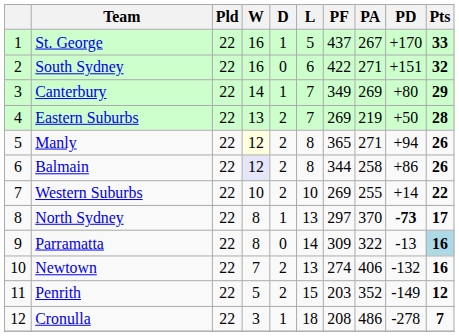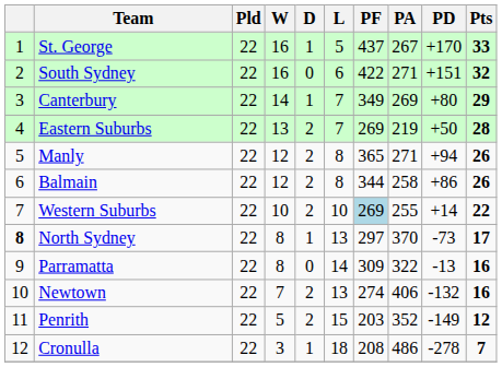 <table class="wikitable" style="text-align:center;">
 <tr>
 <th width=20 abbr="Position×"></th>
 <th width=175>Team</th>
 <th width=20 abbr="Played">Pld</th>
 <th width=20 abbr="Won">W</th>
 <th width=20 abbr="Drawn">D</th>
 <th width=20 abbr="Lost">L</th>
 <th width=20 abbr="Points for">PF</th>
 <th width=20 abbr="Points against">PA</th>
 <th width=20 abbr="Points difference">PD</th>
 <th width=20 abbr="Points">Pts</th>
 </tr>
 <tr style="background: #ccffcc;">
 <td>1</td>
 <td style="text-align:left;"> <a href='#'>St. George</a></td>
 <td>22</td>
 <td>16</td>
 <td>1</td>
 <td>5</td>
 <td>437</td>
 <td>267</td>
 <td>+170</td>
 <td><strong>33</strong></td>
 </tr>
 <tr style="background: #ccffcc;">
 <td>2</td>
 <td style="text-align:left;"> <a href='#'>South Sydney</a></td>
 <td>22</td>
 <td>16</td>
 <td>0</td>
 <td>6</td>
 <td>422</td>
 <td>271</td>
 <td>+151</td>
 <td><strong>32</strong></td>
 </tr>
 <tr style="background: #ccffcc;">
 <td>3</td>
 <td style="text-align:left;"> <a href='#'>Canterbury</a></td>
 <td>22</td>
 <td>14</td>
 <td>1</td>
 <td>7</td>
 <td>349</td>
 <td>269</td>
 <td>+80</td>
 <td><strong>29</strong></td>
 </tr>
 <tr style="background: #ccffcc;">
 <td>4</td>
 <td style="text-align:left;"> <a href='#'>Eastern Suburbs</a></td>
 <td>22</td>
 <td>13</td>
 <td>2</td>
 <td>7</td>
 <td>269</td>
 <td>219</td>
 <td>+50</td>
 <td><strong>28</strong></td>
 </tr>
 <tr>
 <td>5</td>
 <td style="text-align:left;"> <a href='#'>Manly</a></td>
 <td>22</td>
-<td style="background: lightyellow;">12</td>
+<td>12</td>
 <td>2</td>
 <td>8</td>
 <td>365</td>
 <td>271</td>
 <td>+94</td>
 <td><strong>26</strong></td>
 </tr>
 <tr>
 <td>6</td>
 <td style="text-align:left;"> <a href='#'>Balmain</a></td>
 <td>22</td>
-<td style="background: lavender;">12</td>
+<td>12</td>
 <td>2</td>
 <td>8</td>
 <td>344</td>
 <td>258</td>
 <td>+86</td>
 <td><strong>26</strong></td>
 </tr>
 <tr>
 <td>7</td>
 <td style="text-align:left;"> <a href='#'>Western Suburbs</a></td>
 <td>22</td>
 <td>10</td>
 <td>2</td>
 <td>10</td>
-<td>269</td>
+<td style="background: lightblue;">269</td>
 <td>255</td>
 <td>+14</td>
 <td><strong>22</strong></td>
 </tr>
 <tr>
-<td>8</td>
+<td><strong>8</strong></td>
 <td style="text-align:left;"> <a href='#'>North Sydney</a></td>
 <td>22</td>
 <td>8</td>
 <td>1</td>
 <td>13</td>
 <td>297</td>
 <td>370</td>
-<td><strong>-73</strong></td>
+<td>-73</td>
 <td><strong>17</strong></td>
 </tr>
 <tr>
 <td>9</td>
 <td style="text-align:left;"> <a href='#'>Parramatta</a></td>
 <td>22</td>
 <td>8</td>
 <td>0</td>
 <td>14</td>
 <td>309</td>
 <td>322</td>
 <td>-13</td>
-<td style="background: lightblue;"><strong>16</strong></td>
+<td><strong>16</strong></td>
 </tr>
 <tr>
 <td>10</td>
 <td style="text-align:left;"> <a href='#'>Newtown</a></td>
 <td>22</td>
 <td>7</td>
 <td>2</td>
 <td>13</td>
 <td>274</td>
 <td>406</td>
 <td>-132</td>
 <td><strong>16</strong></td>
 </tr>
 <tr>
 <td>11</td>
 <td style="text-align:left;"> <a href='#'>Penrith</a></td>
 <td>22</td>
 <td>5</td>
 <td>2</td>
 <td>15</td>
 <td>203</td>
 <td>352</td>
 <td>-149</td>
 <td><strong>12</strong></td>
 </tr>
 <tr>
 <td>12</td>
 <td style="text-align:left;"> <a href='#'>Cronulla</a></td>
 <td>22</td>
 <td>3</td>
 <td>1</td>
 <td>18</td>
 <td>208</td>
 <td>486</td>
 <td>-278</td>
 <td><strong>7</strong></td>
 </tr>
 <tr>
 </tr>
 </table>
